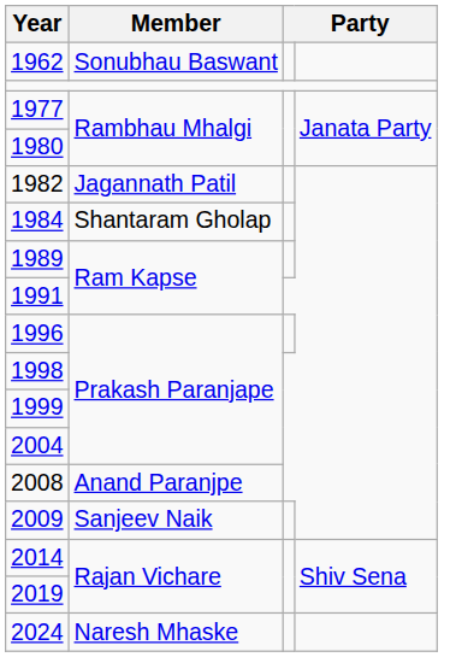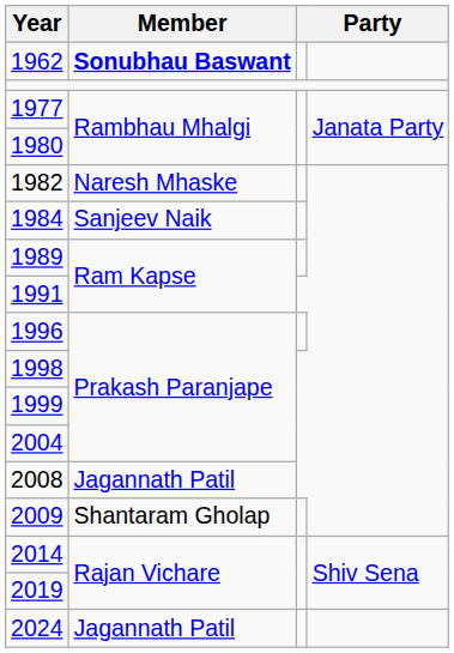 <table class="wikitable">
 <tr>
 <th>Year</th>
 <th>Member</th>
 <th colspan="2">Party</th>
 </tr>
 <tr>
 <td><a href='#'>1962</a></td>
-<td><a href='#'>Sonubhau Baswant</a></td>
+<td><strong><a href='#'>Sonubhau Baswant</a></strong></td>
 <td></td>
 </tr>
 <tr>
 <td colspan="4"></td>
 </tr>
 <tr>
 <td><a href='#'>1977</a></td>
 <td rowspan="2"><a href='#'>Rambhau Mhalgi</a></td>
 <td rowspan="2" style="background-color: "></td>
 <td rowspan="2"><a href='#'>Janata Party</a></td>
 </tr>
 <tr>
 <td><a href='#'>1980</a></td>
 </tr>
 <tr>
 <td>1982</td>
-<td><a href='#'>Jagannath Patil</a></td>
+<td><a href='#'>Naresh Mhaske</a></td>
 <td></td>
 </tr>
 <tr>
 <td><a href='#'>1984</a></td>
-<td>Shantaram Gholap</td>
+<td><a href='#'>Sanjeev Naik</a></td>
 <td></td>
 </tr>
 <tr>
 <td><a href='#'>1989</a></td>
 <td rowspan="2"><a href='#'>Ram Kapse</a></td>
 <td></td>
 </tr>
 <tr>
 <td><a href='#'>1991</a></td>
 </tr>
 <tr>
 <td><a href='#'>1996</a></td>
 <td rowspan="4"><a href='#'>Prakash Paranjape</a></td>
 <td></td>
 </tr>
 <tr>
 <td><a href='#'>1998</a></td>
 </tr>
 <tr>
 <td><a href='#'>1999</a></td>
 </tr>
 <tr>
 <td><a href='#'>2004</a></td>
 </tr>
 <tr>
 <td>2008</td>
-<td><a href='#'>Anand Paranjpe</a></td>
+<td><a href='#'>Jagannath Patil</a></td>
 </tr>
 <tr>
 <td><a href='#'>2009</a></td>
-<td><a href='#'>Sanjeev Naik</a></td>
+<td>Shantaram Gholap</td>
 <td></td>
 </tr>
 <tr>
 <td><a href='#'>2014</a></td>
 <td rowspan="2"><a href='#'>Rajan Vichare</a></td>
 <td rowspan="2" style="background-color: "></td>
 <td rowspan="2"><a href='#'>Shiv Sena</a></td>
 </tr>
 <tr>
 <td><a href='#'>2019</a></td>
 </tr>
 <tr>
 <td><a href='#'>2024</a></td>
-<td><a href='#'>Naresh Mhaske</a></td>
+<td><a href='#'>Jagannath Patil</a></td>
 <td></td>
 </tr>
 </table>
